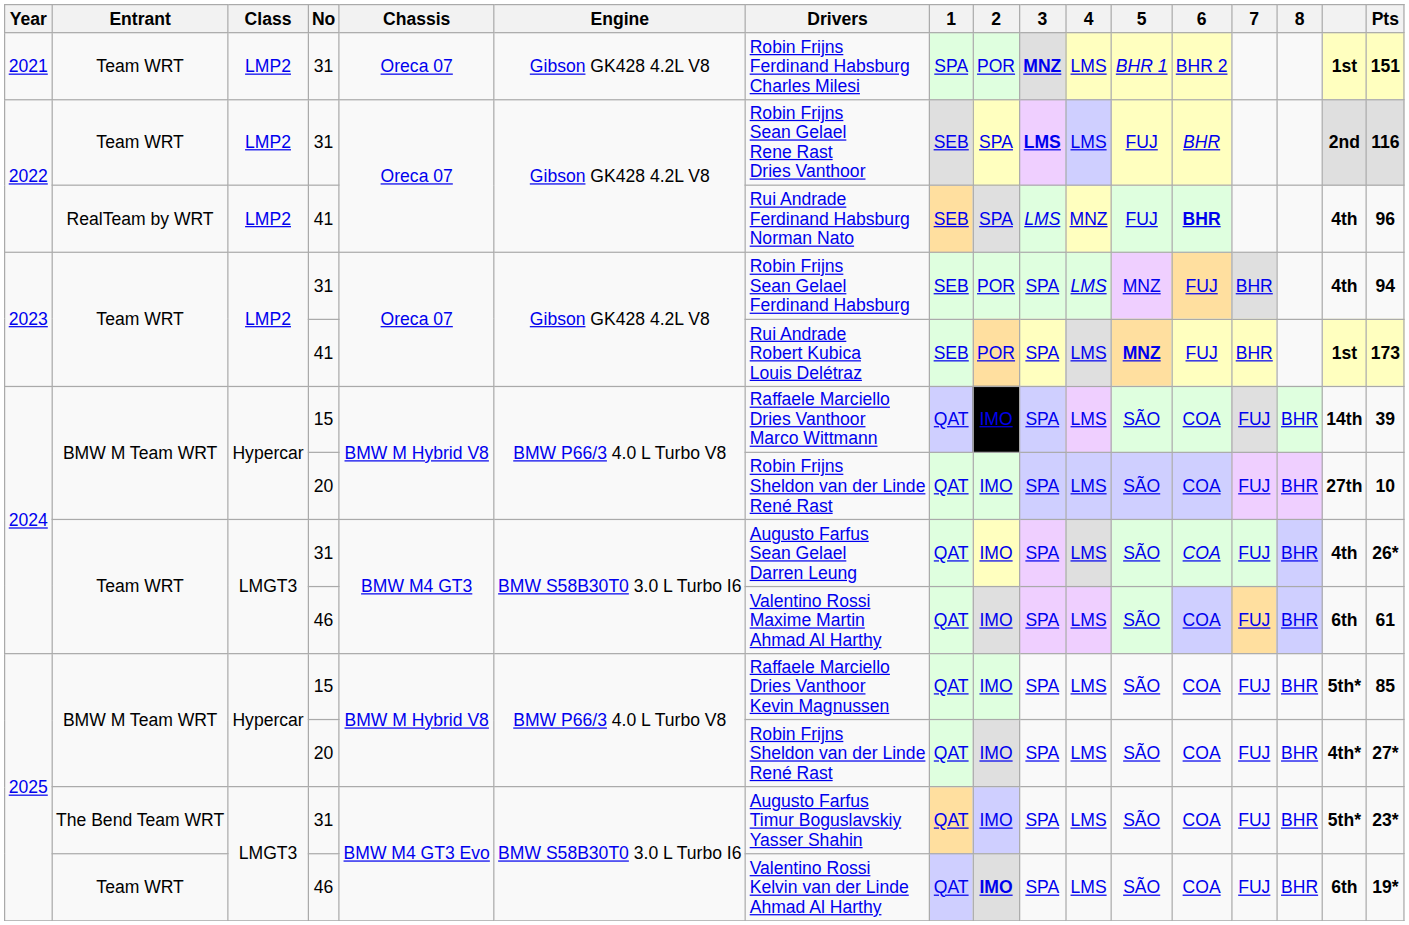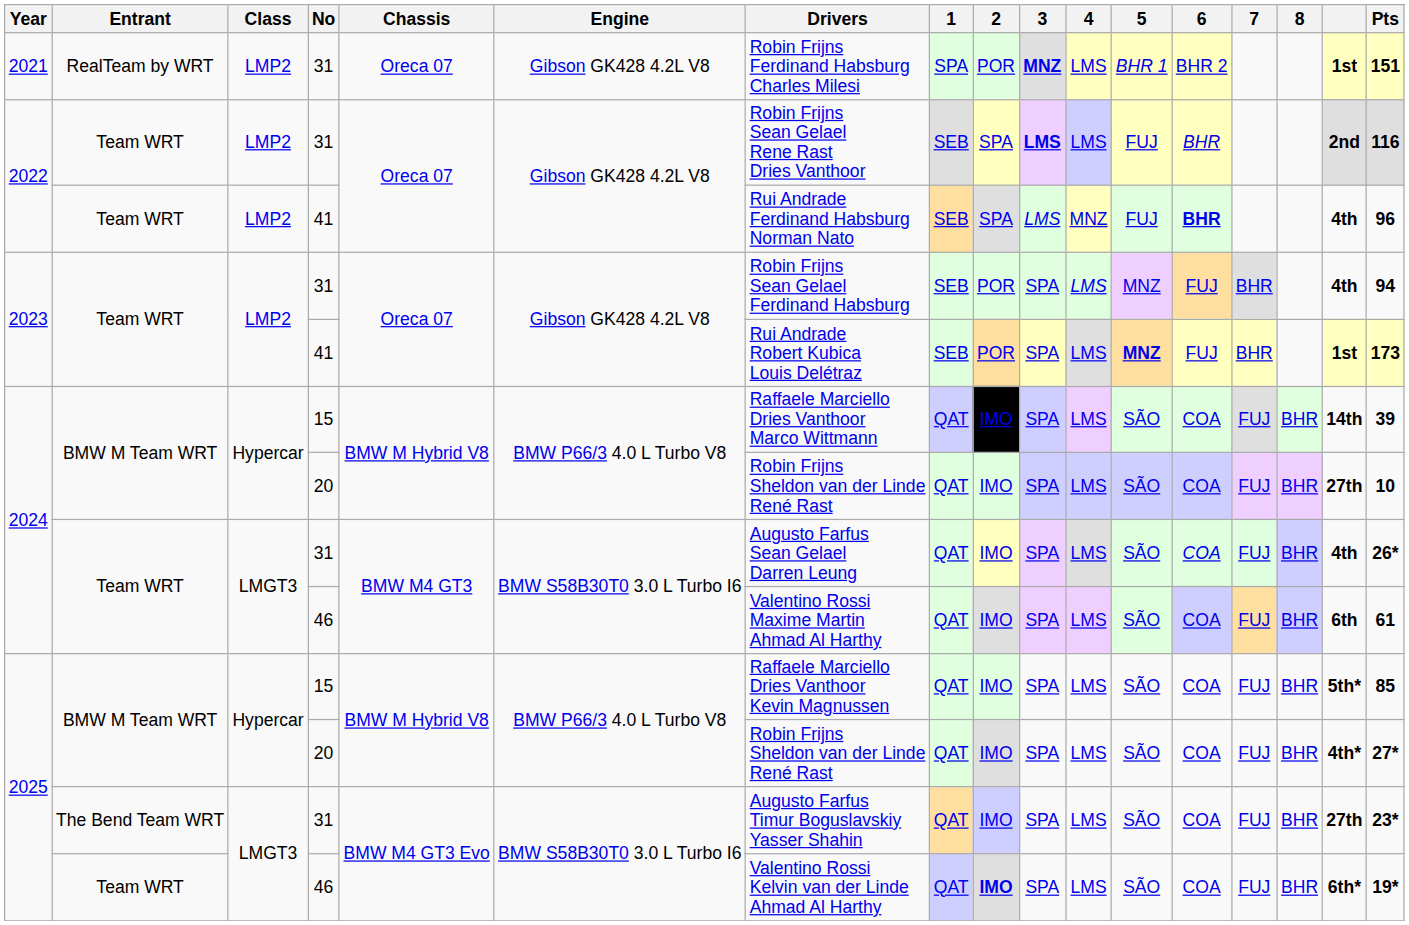 <table class="wikitable" style="font-size: 90%; text-align:center">
 <tr>
 <th>Year</th>
 <th>Entrant</th>
 <th>Class</th>
 <th>No</th>
 <th>Chassis</th>
 <th>Engine</th>
 <th>Drivers</th>
 <th>1</th>
 <th>2</th>
 <th>3</th>
 <th>4</th>
 <th>5</th>
 <th>6</th>
 <th>7</th>
 <th>8</th>
 <th></th>
 <th>Pts</th>
 </tr>
 <tr>
 <td><a href='#'>2021</a></td>
-<td> Team WRT</td>
+<td> RealTeam by WRT</td>
 <td><a href='#'>LMP2</a></td>
 <td>31</td>
 <td><a href='#'>Oreca 07</a></td>
 <td><a href='#'>Gibson</a> GK428 4.2L V8</td>
 <td align="left"> <a href='#'>Robin Frijns</a><br> <a href='#'>Ferdinand Habsburg</a><br> <a href='#'>Charles Milesi</a></td>
 <td style="background:#DFFFDF;"><a href='#'>SPA</a><br></td>
 <td style="background:#DFFFDF;"><a href='#'>POR</a><br></td>
 <td style="background:#DFDFDF;"><strong><a href='#'>MNZ</a></strong><br></td>
 <td style="background:#FFFFBF;"><a href='#'>LMS</a><br></td>
 <td style="background:#FFFFBF;"><em><a href='#'>BHR 1</a></em><br></td>
 <td style="background:#FFFFBF;"><a href='#'>BHR 2</a><br></td>
 <td></td>
 <td></td>
 <td style="background:#ffffbf;"><strong>1st</strong></td>
 <td style="background:#ffffbf;"><strong>151</strong></td>
 </tr>
 <tr>
 <td rowspan=2><a href='#'>2022</a></td>
 <td> Team WRT</td>
 <td><a href='#'>LMP2</a></td>
 <td>31</td>
 <td Rowspan=2><a href='#'>Oreca 07</a></td>
 <td Rowspan=2><a href='#'>Gibson</a> GK428 4.2L V8</td>
 <td align="left"> <a href='#'>Robin Frijns</a><br> <a href='#'>Sean Gelael</a><br> <a href='#'>Rene Rast</a> <br> <a href='#'>Dries Vanthoor</a></td>
 <td style="background:#DFDFDF;"><a href='#'>SEB</a><br> </td>
 <td style="background:#FFFFBF;"><a href='#'>SPA</a><br> </td>
 <td style="background:#EFCFFF;"><strong><a href='#'>LMS</a></strong><br> </td>
 <td style="background:#cfcfff;"><a href='#'>LMS</a><br> </td>
 <td style="background:#FFFFBF;"><a href='#'>FUJ</a><br> </td>
 <td style="background:#FFFFBF;"><em><a href='#'>BHR</a></em><br> </td>
 <td></td>
 <td></td>
 <td style="background:#DFDFDF;"><strong>2nd</strong></td>
 <td style="background:#DFDFDF;"><strong>116</strong></td>
 </tr>
 <tr>
-<td> RealTeam by WRT</td>
+<td> Team WRT</td>
 <td><a href='#'>LMP2</a></td>
 <td>41</td>
 <td align="left"> <a href='#'>Rui Andrade</a><br> <a href='#'>Ferdinand Habsburg</a><br> <a href='#'>Norman Nato</a></td>
 <td style="background:#ffdf9f;"><a href='#'>SEB</a><br> </td>
 <td style="background:#DFDFDF;"><a href='#'>SPA</a><br> </td>
 <td style="background:#DFFFDF;"><em><a href='#'>LMS</a></em><br> </td>
 <td style="background:#FFFFBF;"><a href='#'>MNZ</a><br> </td>
 <td style="background:#DFFFDF;"><a href='#'>FUJ</a><br> </td>
 <td style="background:#DFFFDF;"><strong><a href='#'>BHR</a></strong><br> </td>
 <td></td>
 <td></td>
 <td><strong>4th</strong></td>
 <td><strong>96</strong></td>
 </tr>
 <tr>
 <td rowspan=2><a href='#'>2023</a></td>
 <td rowspan=2> Team WRT</td>
 <td Rowspan=2><a href='#'>LMP2</a></td>
 <td>31</td>
 <td Rowspan=2><a href='#'>Oreca 07</a></td>
 <td Rowspan=2><a href='#'>Gibson</a> GK428 4.2L V8</td>
 <td align="left"> <a href='#'>Robin Frijns</a><br> <a href='#'>Sean Gelael</a><br> <a href='#'>Ferdinand Habsburg</a></td>
 <td style="background:#DFFFDF;"><a href='#'>SEB</a><br> </td>
 <td style="background:#DFFFDF;"><a href='#'>POR</a><br></td>
 <td style="background:#DFFFDF;"><a href='#'>SPA</a><br> </td>
 <td style="background:#DFFFDF;"><em><a href='#'>LMS</a></em><br> </td>
 <td style="background:#EFCFFF;"><a href='#'>MNZ</a><br> </td>
 <td style="background:#ffdf9f;”"><a href='#'>FUJ</a><br> </td>
 <td style="background:#DFDFDF;"><a href='#'>BHR</a><br> </td>
 <td></td>
 <td><strong>4th</strong></td>
 <td><strong>94</strong></td>
 </tr>
 <tr>
 <td>41</td>
 <td align="left"> <a href='#'>Rui Andrade</a><br> <a href='#'>Robert Kubica</a> <br> <a href='#'>Louis Delétraz</a></td>
 <td style="background:#DFFFDF;"><a href='#'>SEB</a><br> </td>
 <td style="background:#ffdf9f;”"><a href='#'>POR</a><br></td>
 <td style="background:#FFFFBF;"><a href='#'>SPA</a><br> </td>
 <td style="background:#DFDFDF;"><a href='#'>LMS</a><br> </td>
 <td style="background:#ffdf9f;”"><strong><a href='#'>MNZ</a></strong><br> </td>
 <td style="background:#FFFFBF;"><a href='#'>FUJ</a><br> </td>
 <td style="background:#FFFFBF;"><a href='#'>BHR</a><br> </td>
 <td></td>
 <td style="background:#ffffbf;"><strong>1st</strong></td>
 <td style="background:#ffffbf;"><strong>173</strong></td>
 </tr>
 <tr>
 <td rowspan=4><a href='#'>2024</a></td>
 <td rowspan=2> BMW M Team WRT</td>
 <td Rowspan=2>Hypercar</td>
 <td>15</td>
 <td Rowspan=2><a href='#'>BMW M Hybrid V8</a></td>
 <td Rowspan=2><a href='#'>BMW P66/3</a> 4.0 L Turbo V8</td>
 <td align="left"> <a href='#'>Raffaele Marciello</a><br> <a href='#'>Dries Vanthoor</a><br> <a href='#'>Marco Wittmann</a></td>
 <td style="background:#cfcfff;"><a href='#'>QAT</a><br> </td>
 <td style="color:white; background:black;"><a href='#'>IMO</a><br></td>
 <td style="background:#cfcfff;"><a href='#'>SPA</a><br> </td>
 <td style="background:#EFCFFF;"><a href='#'>LMS</a><br> </td>
 <td style="background:#DFFFDF;"><a href='#'>SÃO</a><br> </td>
 <td style="background:#DFFFDF;"><a href='#'>COA</a><br> </td>
 <td style="background:#DFDFDF;"><a href='#'>FUJ</a><br> </td>
 <td style="background:#DFFFDF;"><a href='#'>BHR</a><br> </td>
 <td><strong>14th</strong></td>
 <td><strong>39</strong></td>
 </tr>
 <tr>
 <td>20</td>
 <td align="left"> <a href='#'>Robin Frijns</a><br> <a href='#'>Sheldon van der Linde</a><br> <a href='#'>René Rast</a></td>
 <td style="background:#DFFFDF;"><a href='#'>QAT</a><br> </td>
 <td style="background:#DFFFDF;"><a href='#'>IMO</a><br></td>
 <td style="background:#cfcfff;"><a href='#'>SPA</a><br> </td>
 <td style="background:#cfcfff;"><a href='#'>LMS</a><br> </td>
 <td style="background:#cfcfff;"><a href='#'>SÃO</a><br> </td>
 <td style="background:#cfcfff;"><a href='#'>COA</a><br> </td>
 <td style="background:#EFCFFF;"><a href='#'>FUJ</a><br> </td>
 <td style="background:#EFCFFF;"><a href='#'>BHR</a><br> </td>
 <td><strong>27th</strong></td>
 <td><strong>10</strong></td>
 </tr>
 <tr>
 <td rowspan=2> Team WRT</td>
 <td Rowspan=2>LMGT3</td>
 <td>31</td>
 <td Rowspan=2><a href='#'>BMW M4 GT3</a></td>
 <td Rowspan=2><a href='#'>BMW S58B30T0</a> 3.0 L Turbo I6</td>
 <td align="left"> <a href='#'>Augusto Farfus</a><br> <a href='#'>Sean Gelael</a><br> <a href='#'>Darren Leung</a></td>
 <td style="background:#DFFFDF;"><a href='#'>QAT</a><br> </td>
 <td style="background:#FFFFBF;"><a href='#'>IMO</a><br></td>
 <td style="background:#EFCFFF;"><a href='#'>SPA</a><br> </td>
 <td style="background:#DFDFDF;"><a href='#'>LMS</a><br> </td>
 <td style="background:#DFFFDF;"><a href='#'>SÃO</a><br> </td>
 <td style="background:#DFFFDF;"><em><a href='#'>COA</a></em><br> </td>
 <td style="background:#DFFFDF;"><a href='#'>FUJ</a><br> </td>
 <td style="background:#cfcfff;"><a href='#'>BHR</a><br> </td>
 <td><strong>4th</strong></td>
 <td><strong>26*</strong></td>
 </tr>
 <tr>
 <td>46</td>
 <td align="left"> <a href='#'>Valentino Rossi</a><br> <a href='#'>Maxime Martin</a><br> <a href='#'>Ahmad Al Harthy</a></td>
 <td style="background:#DFFFDF;"><a href='#'>QAT</a><br> </td>
 <td style="background:#DFDFDF;"><a href='#'>IMO</a><br></td>
 <td style="background:#EFCFFF;"><a href='#'>SPA</a><br> </td>
 <td style="background:#EFCFFF;"><a href='#'>LMS</a><br> </td>
 <td style="background:#DFFFDF;"><a href='#'>SÃO</a><br> </td>
 <td style="background:#cfcfff;"><a href='#'>COA</a><br> </td>
 <td style="background:#ffdf9f;"><a href='#'>FUJ</a><br> </td>
 <td style="background:#cfcfff;"><a href='#'>BHR</a><br> </td>
 <td><strong>6th</strong></td>
 <td><strong>61</strong></td>
 </tr>
 <tr>
 <td rowspan=4><a href='#'>2025</a></td>
 <td rowspan=2> BMW M Team WRT</td>
 <td Rowspan=2>Hypercar</td>
 <td>15</td>
 <td Rowspan=2><a href='#'>BMW M Hybrid V8</a></td>
 <td Rowspan=2><a href='#'>BMW P66/3</a> 4.0 L Turbo V8</td>
 <td align="left"> <a href='#'>Raffaele Marciello</a><br> <a href='#'>Dries Vanthoor</a><br> <a href='#'>Kevin Magnussen</a></td>
 <td style="background:#DFFFDF;"><a href='#'>QAT</a><br> </td>
 <td style="background:#DFFFDF;"><a href='#'>IMO</a><br> </td>
 <td><a href='#'>SPA</a></td>
 <td><a href='#'>LMS</a></td>
 <td><a href='#'>SÃO</a></td>
 <td><a href='#'>COA</a></td>
 <td><a href='#'>FUJ</a></td>
 <td><a href='#'>BHR</a></td>
 <td><strong>5th*</strong></td>
 <td><strong>85</strong></td>
 </tr>
 <tr>
 <td>20</td>
 <td align="left"> <a href='#'>Robin Frijns</a><br> <a href='#'>Sheldon van der Linde</a><br> <a href='#'>René Rast</a></td>
 <td style="background:#DFFFDF;"><a href='#'>QAT</a><br> </td>
 <td style="background:#DFDFDF;"><a href='#'>IMO</a><br> </td>
 <td><a href='#'>SPA</a></td>
 <td><a href='#'>LMS</a></td>
 <td><a href='#'>SÃO</a></td>
 <td><a href='#'>COA</a></td>
 <td><a href='#'>FUJ</a></td>
 <td><a href='#'>BHR</a></td>
 <td><strong>4th*</strong></td>
 <td><strong>27*</strong></td>
 </tr>
 <tr>
 <td rowspan=1> The Bend Team WRT</td>
 <td Rowspan=2>LMGT3</td>
 <td>31</td>
 <td Rowspan=2><a href='#'>BMW M4 GT3 Evo</a></td>
 <td Rowspan=2><a href='#'>BMW S58B30T0</a> 3.0 L Turbo I6</td>
 <td align="left"> <a href='#'>Augusto Farfus</a><br> <a href='#'>Timur Boguslavskiy</a><br> <a href='#'>Yasser Shahin</a></td>
 <td style="background:#ffdf9f;"><a href='#'>QAT</a><br> </td>
 <td style="background:#cfcfff;"><a href='#'>IMO</a><br> </td>
 <td><a href='#'>SPA</a></td>
 <td><a href='#'>LMS</a></td>
 <td><a href='#'>SÃO</a></td>
 <td><a href='#'>COA</a></td>
 <td><a href='#'>FUJ</a></td>
 <td><a href='#'>BHR</a></td>
-<td><strong>5th*</strong></td>
+<td><strong>27th</strong></td>
 <td><strong>23*</strong></td>
 </tr>
 <tr>
 <td rowspan=1> Team WRT</td>
 <td>46</td>
 <td align="left"> <a href='#'>Valentino Rossi</a><br> <a href='#'>Kelvin van der Linde</a><br> <a href='#'>Ahmad Al Harthy</a></td>
 <td style="background:#cfcfff;"><a href='#'>QAT</a><br> </td>
 <td style="background:#DFDFDF;"><strong><a href='#'>IMO</a></strong><br> </td>
 <td><a href='#'>SPA</a></td>
 <td><a href='#'>LMS</a></td>
 <td><a href='#'>SÃO</a></td>
 <td><a href='#'>COA</a></td>
 <td><a href='#'>FUJ</a></td>
 <td><a href='#'>BHR</a></td>
-<td><strong>6th</strong></td>
+<td><strong>6th*</strong></td>
 <td><strong>19*</strong></td>
 </tr>
 </table>
